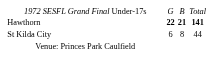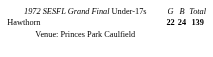 <table style="margin-right:4px; margin-top:8px; float:right; border:1px No. 000 solid; border-radius:8px; background:#fff; font-family:Verdana; font-size:8pt; text-align:center;">
 <tr>
 <td style="width:200px;"><em>1972 SESFL Grand Final</em> Under-17s</td>
 <td><em>G</em></td>
 <td><em>B</em></td>
 <td><em>Total</em></td>
 </tr>
 <tr>
 <td style="text-align:left">Hawthorn</td>
 <td><strong>22</strong></td>
-<td><strong>21</strong></td>
-<td><strong>141</strong></td>
-</tr>
-<tr>
-<td style="text-align:left">St Kilda City</td>
-<td>6</td>
-<td>8</td>
-<td>44</td>
+<td><strong>24</strong></td>
+<td><strong>139</strong></td>
 </tr>
 <tr>
 <td>Venue: Princes Park Caulfield</td>
 <td></td>
 </tr>
 </table>
